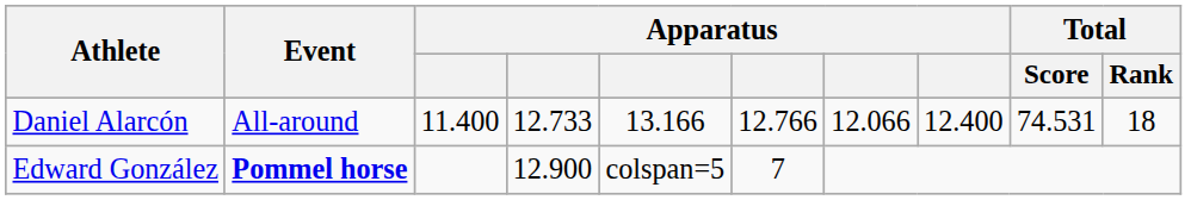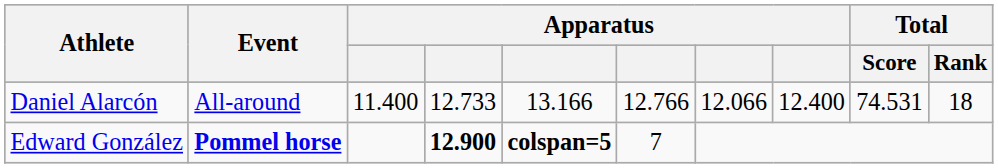 <table class=wikitable style=font-size:90%;text-align:center>
 <tr>
 <th rowspan=2>Athlete</th>
 <th rowspan=2>Event</th>
 <th colspan=6>Apparatus</th>
 <th colspan=2>Total</th>
 </tr>
 <tr style=font-size:95%>
 <th></th>
 <th></th>
 <th></th>
 <th></th>
 <th></th>
 <th></th>
 <th>Score</th>
 <th>Rank</th>
 </tr>
 <tr>
 <td align=left><a href='#'>Daniel Alarcón</a></td>
 <td align=left><a href='#'>All-around</a></td>
 <td>11.400</td>
 <td>12.733</td>
 <td>13.166</td>
 <td>12.766</td>
 <td>12.066</td>
 <td>12.400</td>
 <td>74.531</td>
 <td>18</td>
 </tr>
 <tr>
 <td align=left><a href='#'>Edward González</a></td>
 <td align=left><strong><a href='#'>Pommel horse</a></strong></td>
 <td></td>
-<td>12.900</td>
-<td>colspan=5 </td>
+<td><strong>12.900</strong></td>
+<td><strong>colspan=5 </strong></td>
 <td>7</td>
 </tr>
 </table>
